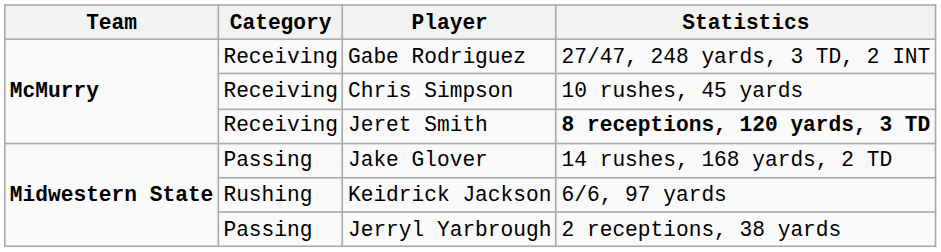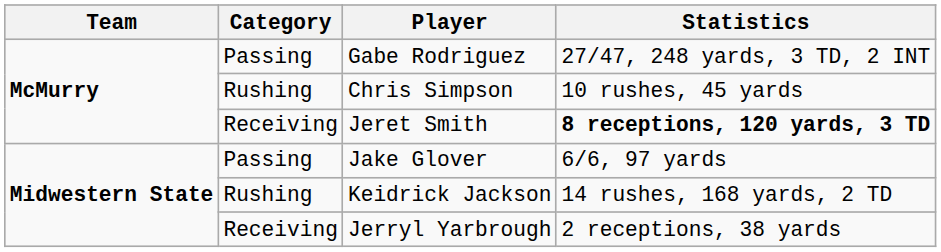 <table class="wikitable" style="float: left;">
 <tr>
 <th>Team</th>
 <th>Category</th>
 <th>Player</th>
 <th>Statistics</th>
 </tr>
 <tr>
 <td rowspan=3><strong>McMurry</strong></td>
-<td>Receiving</td>
+<td>Passing</td>
 <td>Gabe Rodriguez</td>
 <td>27/47, 248 yards, 3 TD, 2 INT</td>
 </tr>
 <tr>
-<td>Receiving</td>
+<td>Rushing</td>
 <td>Chris Simpson</td>
 <td>10 rushes, 45 yards</td>
 </tr>
 <tr>
 <td>Receiving</td>
 <td>Jeret Smith</td>
 <td><strong>8 receptions, 120 yards, 3 TD</strong></td>
 </tr>
 <tr>
 <td rowspan=3><strong>Midwestern State</strong></td>
 <td>Passing</td>
 <td>Jake Glover</td>
-<td>14 rushes, 168 yards, 2 TD</td>
+<td>6/6, 97 yards</td>
 </tr>
 <tr>
 <td>Rushing</td>
 <td>Keidrick Jackson</td>
-<td>6/6, 97 yards</td>
+<td>14 rushes, 168 yards, 2 TD</td>
 </tr>
 <tr>
-<td>Passing</td>
+<td>Receiving</td>
 <td>Jerryl Yarbrough</td>
 <td>2 receptions, 38 yards</td>
 </tr>
 </table>
